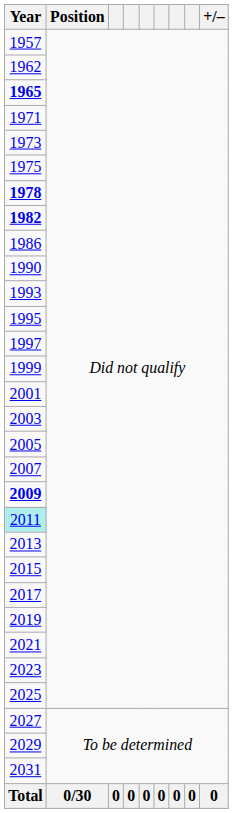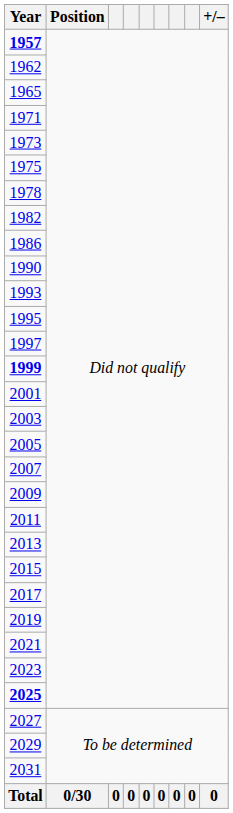 <table class="wikitable" style="text-align: center;">
 <tr>
 <th>Year</th>
 <th>Position</th>
 <th></th>
 <th></th>
 <th></th>
 <th></th>
 <th></th>
 <th></th>
 <th>+/–</th>
 </tr>
 <tr>
-<td> <a href='#'>1957</a></td>
+<td><strong> <a href='#'>1957</a></strong></td>
 <td colspan=8 rowspan=27><em>Did not qualify</em></td>
 </tr>
 <tr>
 <td> <a href='#'>1962</a></td>
 </tr>
 <tr>
-<td><strong> <a href='#'>1965</a></strong></td>
+<td> <a href='#'>1965</a></td>
 </tr>
 <tr>
 <td> <a href='#'>1971</a></td>
 </tr>
 <tr>
 <td> <a href='#'>1973</a></td>
 </tr>
 <tr>
 <td> <a href='#'>1975</a></td>
 </tr>
 <tr>
-<td><strong> <a href='#'>1978</a></strong></td>
+<td> <a href='#'>1978</a></td>
 </tr>
 <tr>
-<td><strong> <a href='#'>1982</a></strong></td>
+<td> <a href='#'>1982</a></td>
 </tr>
 <tr>
 <td> <a href='#'>1986</a></td>
 </tr>
 <tr>
 <td> <a href='#'>1990</a></td>
 </tr>
 <tr>
 <td> <a href='#'>1993</a></td>
 </tr>
 <tr>
 <td> <a href='#'>1995</a></td>
 </tr>
 <tr>
 <td> <a href='#'>1997</a></td>
 </tr>
 <tr>
-<td> <a href='#'>1999</a></td>
+<td><strong> <a href='#'>1999</a></strong></td>
 </tr>
 <tr>
 <td> <a href='#'>2001</a></td>
 </tr>
 <tr>
 <td> <a href='#'>2003</a></td>
 </tr>
 <tr>
 <td> <a href='#'>2005</a></td>
 </tr>
 <tr>
 <td> <a href='#'>2007</a></td>
 </tr>
 <tr>
-<td><strong> <a href='#'>2009</a></strong></td>
+<td> <a href='#'>2009</a></td>
 </tr>
 <tr>
-<td style="background: paleturquoise;"> <a href='#'>2011</a></td>
+<td> <a href='#'>2011</a></td>
 </tr>
 <tr>
 <td> <a href='#'>2013</a></td>
 </tr>
 <tr>
 <td> <a href='#'>2015</a></td>
 </tr>
 <tr>
 <td> <a href='#'>2017</a></td>
 </tr>
 <tr>
 <td> <a href='#'>2019</a></td>
 </tr>
 <tr>
 <td> <a href='#'>2021</a></td>
 </tr>
 <tr>
 <td> <a href='#'>2023</a></td>
 </tr>
 <tr>
-<td> <a href='#'>2025</a></td>
+<td><strong> <a href='#'>2025</a></strong></td>
 </tr>
 <tr>
 <td> <a href='#'>2027</a></td>
 <td colspan=8 rowspan=3><em>To be determined</em></td>
 </tr>
 <tr>
 <td> <a href='#'>2029</a></td>
 </tr>
 <tr>
 <td> <a href='#'>2031</a></td>
 </tr>
 <tr>
 <th>Total</th>
 <th>0/30</th>
 <th>0</th>
 <th>0</th>
 <th>0</th>
 <th>0</th>
 <th>0</th>
 <th>0</th>
 <th>0</th>
 </tr>
 </table>
